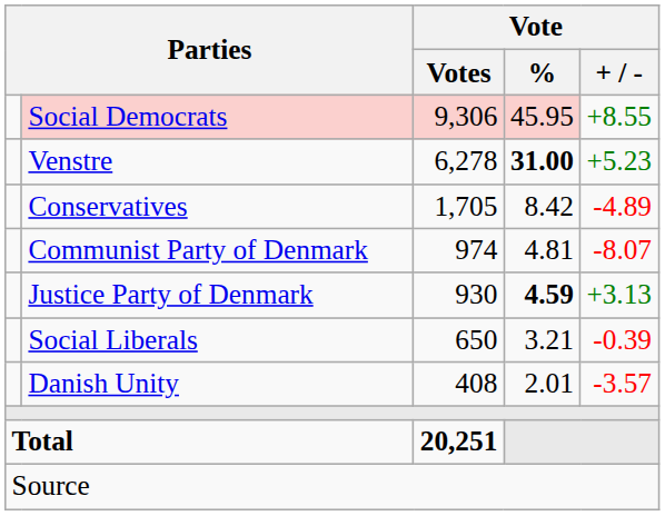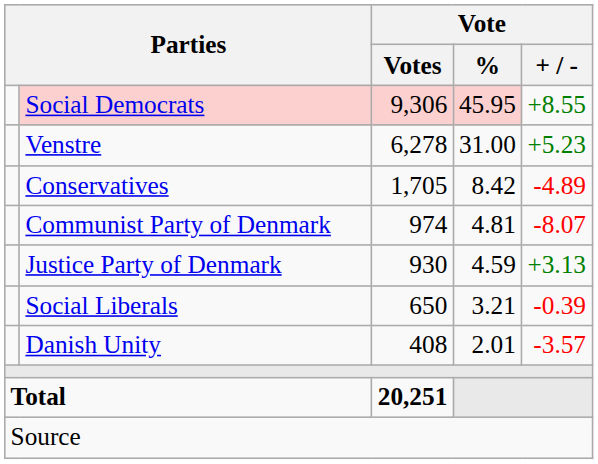 <table class="wikitable" style="text-align:right;">
 <tr>
 <th style="text-align:centre;" rowspan="2" colspan="2" width="225">Parties</th>
 <th colspan="3">Vote</th>
 </tr>
 <tr>
 <th width="15">Votes</th>
 <th width="15">%</th>
 <th width="15">+ / -</th>
 </tr>
 <tr>
 <td width="2" style="color:inherit;background:"></td>
 <td bgcolor=#fbd0ce  align="left"><a href='#'>Social Democrats</a></td>
 <td bgcolor=#fbd0ce>9,306</td>
 <td bgcolor=#fbd0ce>45.95</td>
 <td style=color:green;>+8.55</td>
 </tr>
 <tr>
 <td width="2" style="color:inherit;background:"></td>
 <td align="left"><a href='#'>Venstre</a></td>
 <td>6,278</td>
-<td><strong>31.00</strong></td>
+<td>31.00</td>
 <td style=color:green;>+5.23</td>
 </tr>
 <tr>
 <td width="2" style="color:inherit;background:"></td>
 <td align="left"><a href='#'>Conservatives</a></td>
 <td>1,705</td>
 <td>8.42</td>
 <td style=color:red;>-4.89</td>
 </tr>
 <tr>
 <td width="2" style="color:inherit;background:"></td>
 <td align="left"><a href='#'>Communist Party of Denmark</a></td>
 <td>974</td>
 <td>4.81</td>
 <td style=color:red;>-8.07</td>
 </tr>
 <tr>
 <td width="2" style="color:inherit;background:"></td>
 <td align="left"><a href='#'>Justice Party of Denmark</a></td>
 <td>930</td>
-<td><strong>4.59</strong></td>
+<td>4.59</td>
 <td style=color:green;>+3.13</td>
 </tr>
 <tr>
 <td width="2" style="color:inherit;background:"></td>
 <td align="left"><a href='#'>Social Liberals</a></td>
 <td>650</td>
 <td>3.21</td>
 <td style=color:red;>-0.39</td>
 </tr>
 <tr>
 <td width="2" style="color:inherit;background:"></td>
 <td align="left"><a href='#'>Danish Unity</a></td>
 <td>408</td>
 <td>2.01</td>
 <td style=color:red;>-3.57</td>
 </tr>
 <tr>
 <td colspan="7" bgcolor="#E9E9E9"></td>
 </tr>
 <tr>
 <td align="left" colspan="2"><strong>Total</strong></td>
 <td><strong>20,251</strong></td>
 <td bgcolor="#E9E9E9" colspan="2"></td>
 </tr>
 <tr>
 <td align="left" colspan="6">Source</td>
 </tr>
 </table>
